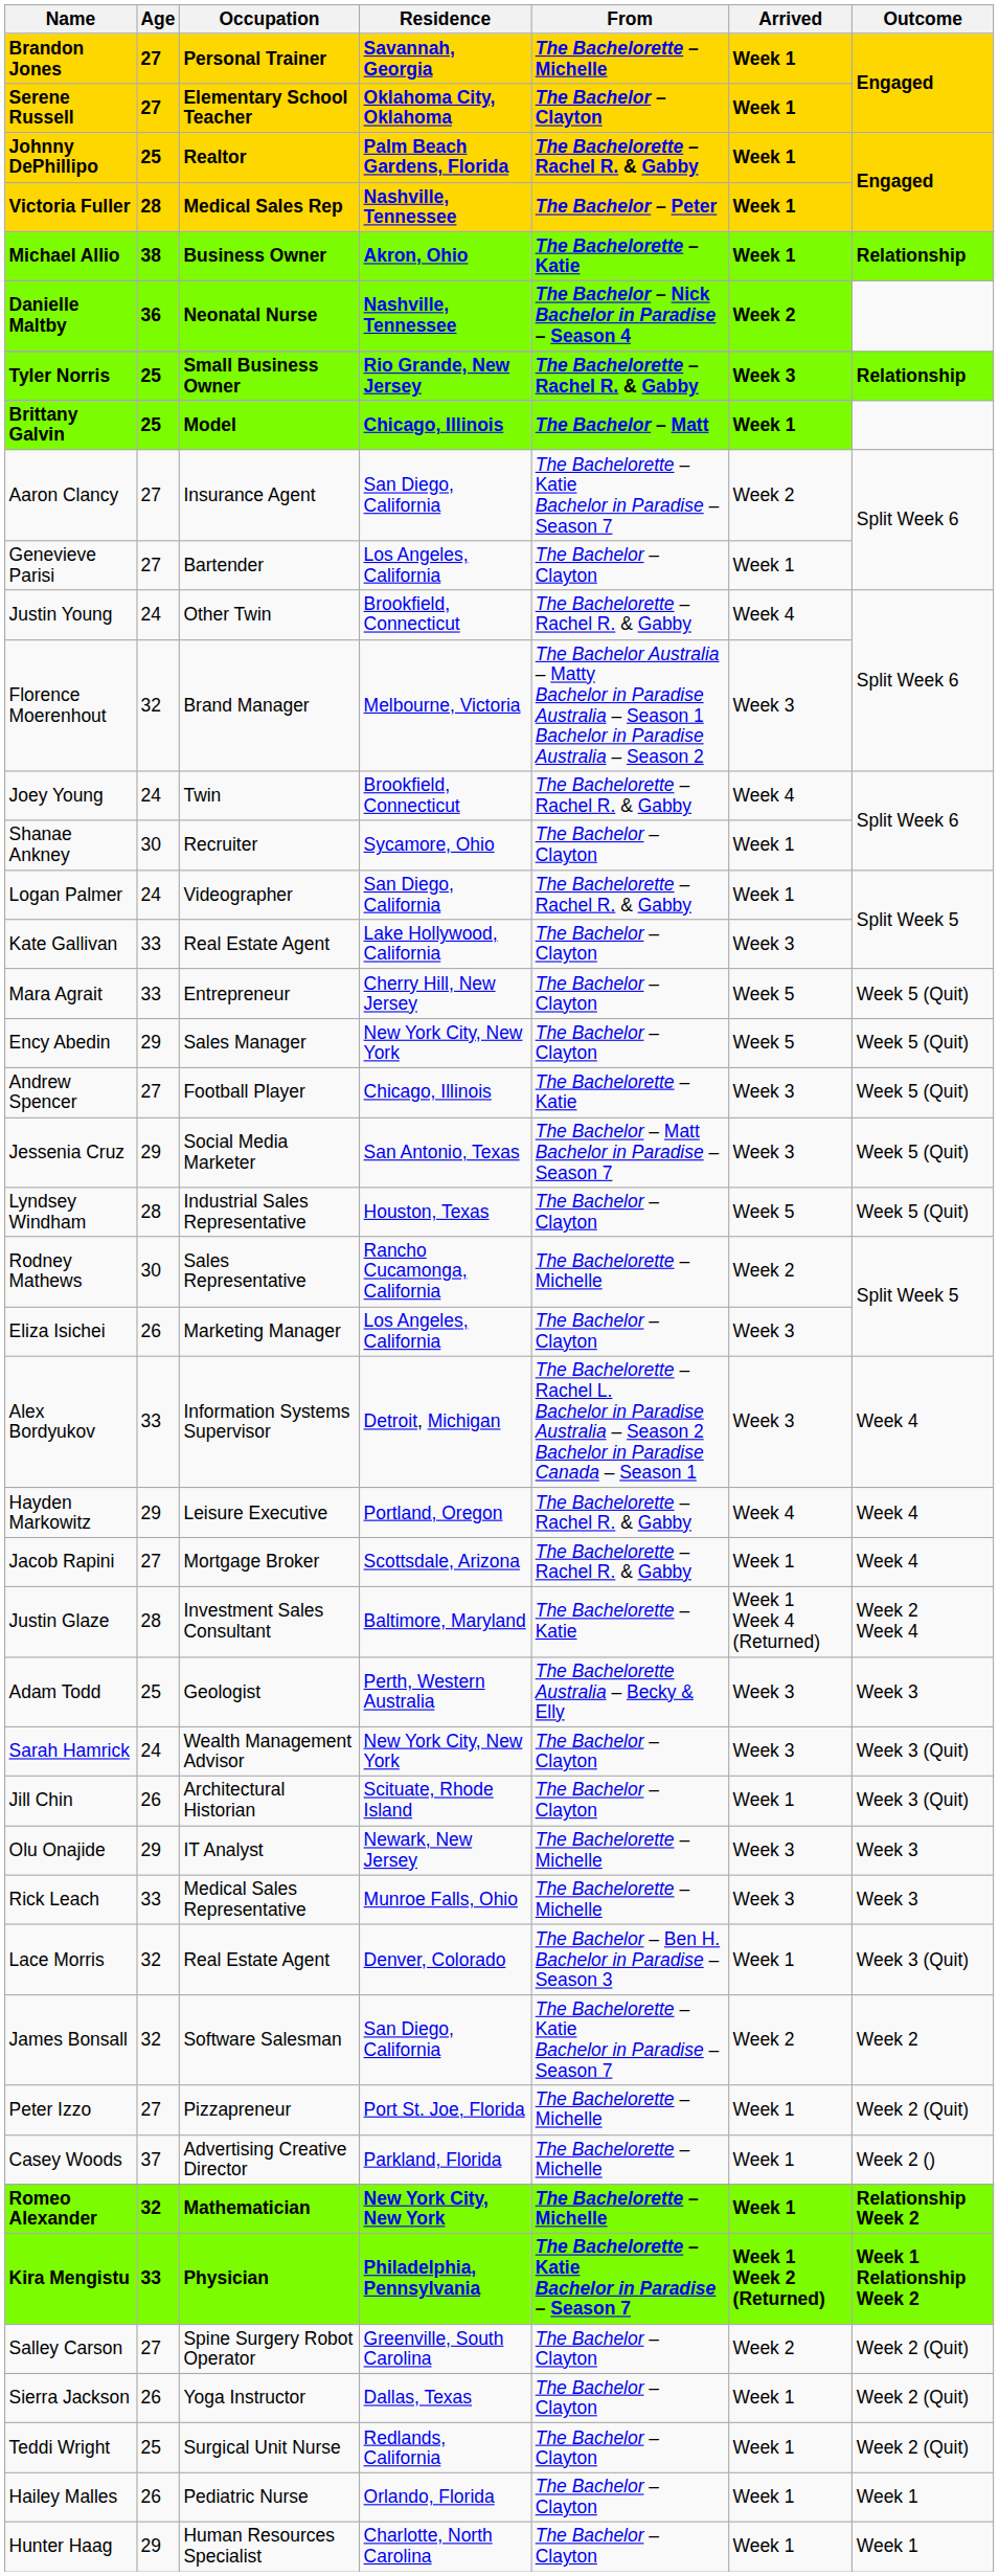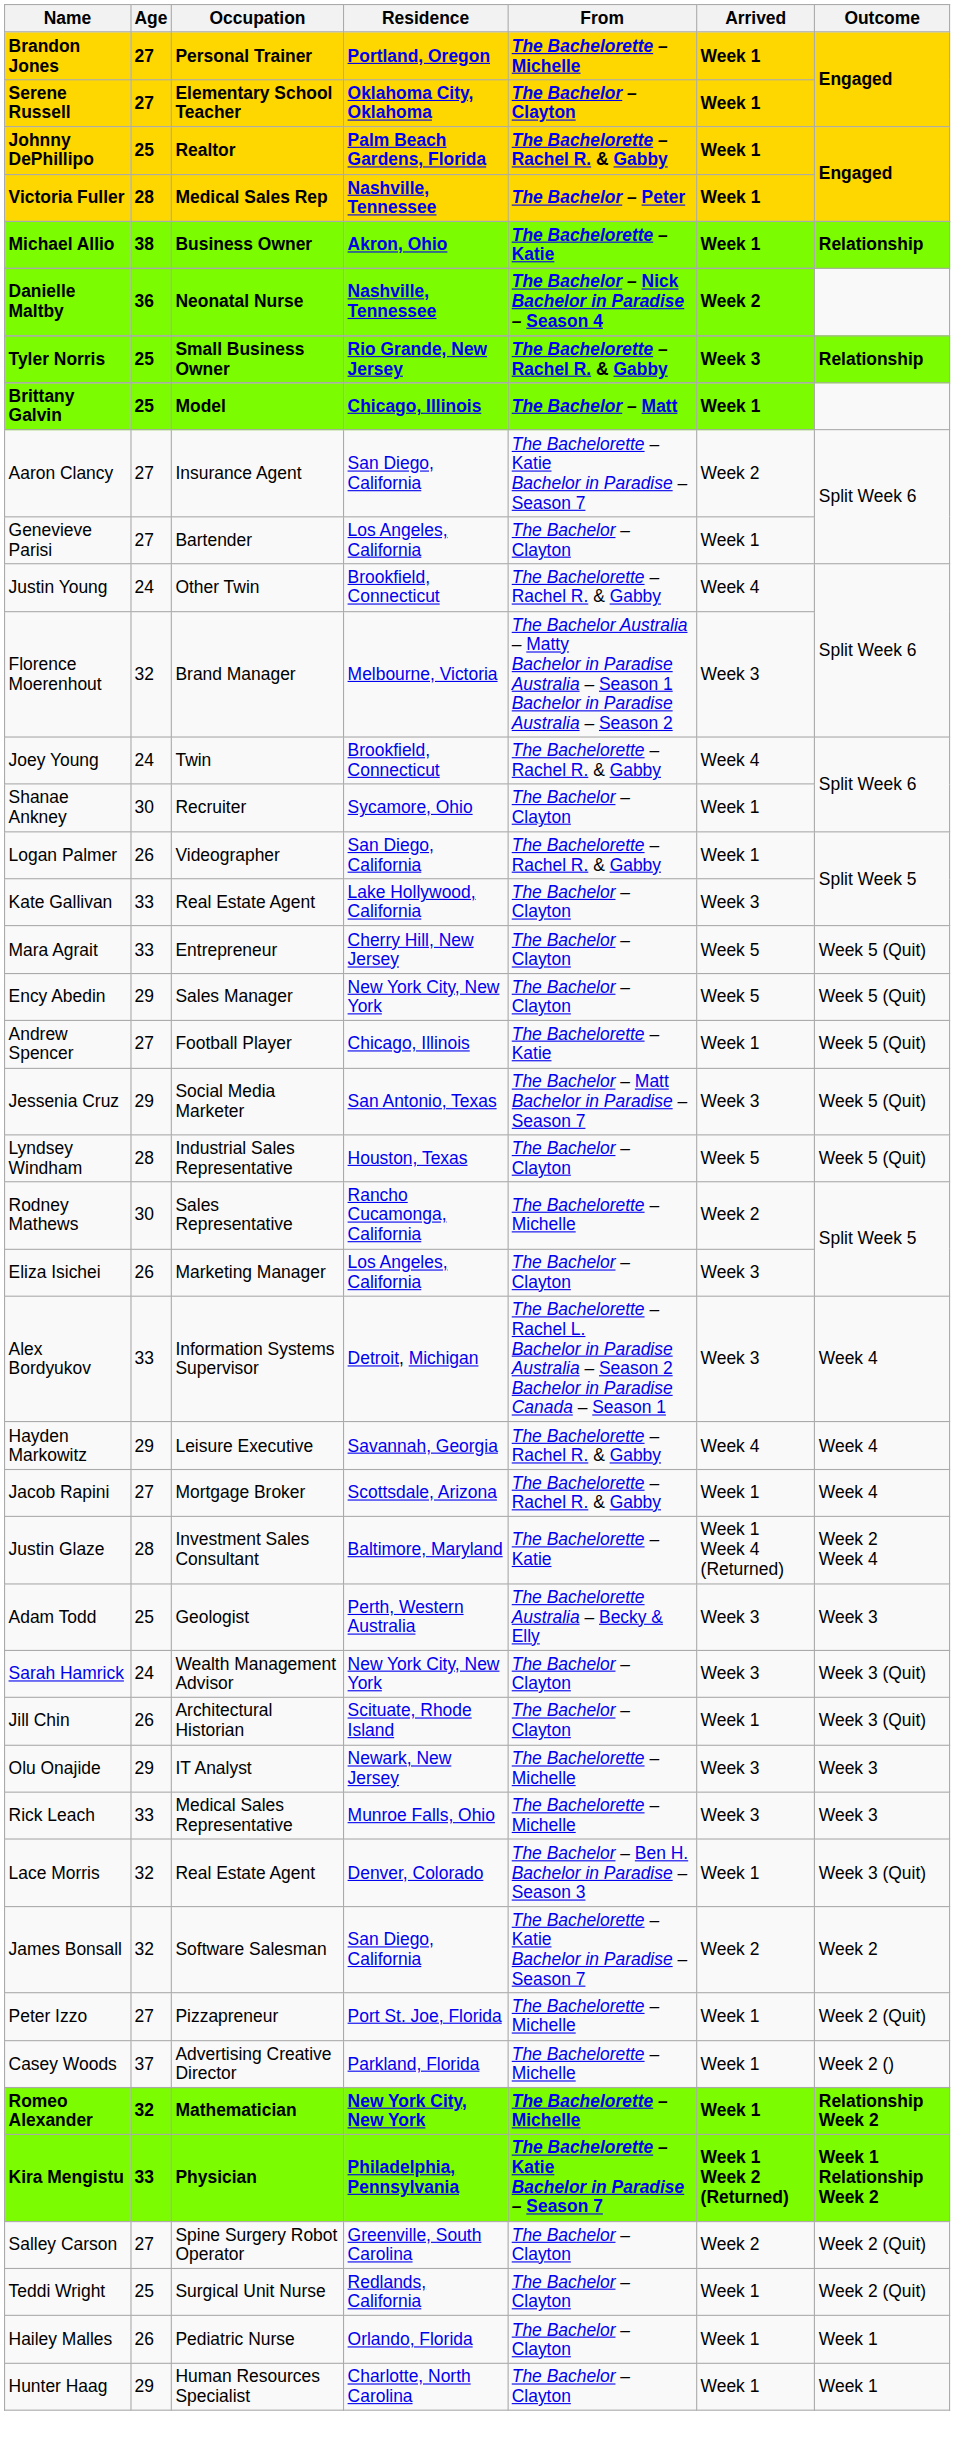 <table class="wikitable sortable" style="text-align:left;">
 <tr>
 <th>Name</th>
 <th>Age</th>
 <th>Occupation</th>
 <th>Residence</th>
 <th>From</th>
 <th>Arrived</th>
 <th>Outcome</th>
 </tr>
 <tr style="font-weight:bold;background:gold;">
 <td>Brandon Jones</td>
 <td>27</td>
 <td>Personal Trainer</td>
-<td><a href='#'>Savannah, Georgia</a></td>
+<td><a href='#'>Portland, Oregon</a></td>
 <td><em><a href='#'>The Bachelorette</a> –</em> <a href='#'>Michelle</a></td>
 <td>Week 1</td>
 <td rowspan="2">Engaged</td>
 </tr>
 <tr style="font-weight:bold;background:gold;">
 <td align="left">Serene Russell</td>
 <td>27</td>
 <td>Elementary School Teacher</td>
 <td><a href='#'>Oklahoma City, Oklahoma</a></td>
 <td><em><a href='#'>The Bachelor</a>  –</em> <a href='#'>Clayton</a></td>
 <td>Week 1</td>
 </tr>
 <tr style="font-weight:bold;background:gold;">
 <td>Johnny DePhillipo</td>
 <td>25</td>
 <td>Realtor</td>
 <td><a href='#'>Palm Beach Gardens, Florida</a></td>
 <td><em><a href='#'>The Bachelorette</a> –</em> <a href='#'>Rachel R.</a> & <a href='#'>Gabby</a></td>
 <td>Week 1</td>
 <td rowspan="2">Engaged</td>
 </tr>
 <tr style="font-weight:bold;background:gold;">
 <td>Victoria Fuller</td>
 <td>28</td>
 <td>Medical Sales Rep</td>
 <td><a href='#'>Nashville, Tennessee</a></td>
 <td><em><a href='#'>The Bachelor</a>  –</em> <a href='#'>Peter</a></td>
 <td>Week 1</td>
 </tr>
 <tr>
 </tr>
 <tr style="font-weight:bold;background:#7CFC00;">
 <td>Michael Allio</td>
 <td>38</td>
 <td>Business Owner</td>
 <td><a href='#'>Akron, Ohio</a></td>
 <td><em><a href='#'>The Bachelorette</a> –</em> <a href='#'>Katie</a></td>
 <td>Week 1</td>
 <td rowspan="2">Relationship</td>
 </tr>
 <tr>
 </tr>
 <tr style="font-weight:bold;background:#7CFC00;">
 <td>Danielle Maltby</td>
 <td>36</td>
 <td>Neonatal Nurse</td>
 <td><a href='#'>Nashville, Tennessee</a></td>
 <td><em><a href='#'>The Bachelor</a>  –</em> <a href='#'>Nick</a><br><em><a href='#'>Bachelor in Paradise</a></em> <em>–</em> <a href='#'>Season 4</a></td>
 <td>Week 2</td>
 </tr>
 <tr>
 </tr>
 <tr style="font-weight:bold;background:#7CFC00;">
 <td>Tyler Norris</td>
 <td>25</td>
 <td>Small Business Owner</td>
 <td><a href='#'>Rio Grande, New Jersey</a></td>
 <td><em><a href='#'>The Bachelorette</a> –</em> <a href='#'>Rachel R.</a> & <a href='#'>Gabby</a></td>
 <td>Week 3</td>
 <td rowspan="2">Relationship</td>
 </tr>
 <tr>
 </tr>
 <tr style="font-weight:bold;background:#7CFC00;">
 <td>Brittany Galvin</td>
 <td>25</td>
 <td>Model</td>
 <td><a href='#'>Chicago, Illinois</a></td>
 <td><em><a href='#'>The Bachelor</a>  –</em> <a href='#'>Matt</a></td>
 <td>Week 1</td>
 </tr>
 <tr>
 <td>Aaron Clancy</td>
 <td>27</td>
 <td>Insurance Agent</td>
 <td><a href='#'>San Diego, California</a></td>
 <td><em><a href='#'>The Bachelorette</a> –</em> <a href='#'>Katie</a><br><em><a href='#'>Bachelor in Paradise</a></em> <em>–</em> <a href='#'>Season 7</a></td>
 <td>Week 2</td>
 <td rowspan="2">Split Week 6</td>
 </tr>
 <tr>
 <td>Genevieve Parisi</td>
 <td>27</td>
 <td>Bartender</td>
 <td><a href='#'>Los Angeles, California</a></td>
 <td><em><a href='#'>The Bachelor</a>  –</em> <a href='#'>Clayton</a></td>
 <td>Week 1</td>
 </tr>
 <tr>
 <td>Justin Young</td>
 <td>24</td>
 <td>Other Twin</td>
 <td><a href='#'>Brookfield, Connecticut</a></td>
 <td><em><a href='#'>The Bachelorette</a> –</em> <a href='#'>Rachel R.</a> & <a href='#'>Gabby</a></td>
 <td>Week 4</td>
 <td rowspan="2">Split Week 6</td>
 </tr>
 <tr>
 <td>Florence Moerenhout</td>
 <td>32</td>
 <td>Brand Manager</td>
 <td><a href='#'>Melbourne, Victoria</a></td>
 <td><em><a href='#'>The Bachelor Australia</a> –</em> <a href='#'>Matty</a><br><em><a href='#'>Bachelor in Paradise Australia</a> –</em> <a href='#'>Season 1</a><br><em><a href='#'>Bachelor in Paradise Australia</a> –</em> <a href='#'>Season 2</a></td>
 <td>Week 3</td>
 </tr>
 <tr>
 <td>Joey Young</td>
 <td>24</td>
 <td>Twin</td>
 <td><a href='#'>Brookfield, Connecticut</a></td>
 <td><em><a href='#'>The Bachelorette</a> –</em> <a href='#'>Rachel R.</a> & <a href='#'>Gabby</a></td>
 <td>Week 4</td>
 <td rowspan="2">Split Week 6</td>
 </tr>
 <tr>
 <td>Shanae Ankney</td>
 <td>30</td>
 <td>Recruiter</td>
 <td><a href='#'>Sycamore, Ohio</a></td>
 <td><em><a href='#'>The Bachelor</a>  –</em> <a href='#'>Clayton</a></td>
 <td>Week 1</td>
 </tr>
 <tr>
 <td>Logan Palmer</td>
-<td>24</td>
+<td>26</td>
 <td>Videographer</td>
 <td><a href='#'>San Diego, California</a></td>
 <td><em><a href='#'>The Bachelorette</a> –</em> <a href='#'>Rachel R.</a> & <a href='#'>Gabby</a></td>
 <td>Week 1</td>
 <td rowspan="2">Split Week 5</td>
 </tr>
 <tr>
 <td>Kate Gallivan</td>
 <td>33</td>
 <td>Real Estate Agent</td>
 <td><a href='#'>Lake Hollywood, California</a></td>
 <td><em><a href='#'>The Bachelor</a>  –</em> <a href='#'>Clayton</a></td>
 <td>Week 3</td>
 </tr>
 <tr>
 <td>Mara Agrait</td>
 <td>33</td>
 <td>Entrepreneur</td>
 <td><a href='#'>Cherry Hill, New Jersey</a></td>
 <td><em><a href='#'>The Bachelor</a>  –</em> <a href='#'>Clayton</a></td>
 <td>Week 5</td>
 <td>Week 5 (Quit)</td>
 </tr>
 <tr>
 <td>Ency Abedin</td>
 <td>29</td>
 <td>Sales Manager</td>
 <td><a href='#'>New York City, New York</a></td>
 <td><em><a href='#'>The Bachelor</a>  –</em> <a href='#'>Clayton</a></td>
 <td>Week 5</td>
 <td>Week 5 (Quit)</td>
 </tr>
 <tr>
 <td>Andrew Spencer</td>
 <td>27</td>
 <td>Football Player</td>
 <td><a href='#'>Chicago, Illinois</a></td>
 <td><em><a href='#'>The Bachelorette</a> –</em> <a href='#'>Katie</a></td>
-<td>Week 3</td>
+<td>Week 1</td>
 <td>Week 5 (Quit)</td>
 </tr>
 <tr>
 <td>Jessenia Cruz</td>
 <td>29</td>
 <td>Social Media Marketer</td>
 <td><a href='#'>San Antonio, Texas</a></td>
 <td><em><a href='#'>The Bachelor</a>  –</em> <a href='#'>Matt</a><br><em><a href='#'>Bachelor in Paradise</a></em> <em>–</em> <a href='#'>Season 7</a></td>
 <td>Week 3</td>
 <td>Week 5 (Quit)</td>
 </tr>
 <tr>
 <td>Lyndsey Windham</td>
 <td>28</td>
 <td>Industrial Sales Representative</td>
 <td><a href='#'>Houston, Texas</a></td>
 <td><em><a href='#'>The Bachelor</a>  –</em> <a href='#'>Clayton</a></td>
 <td>Week 5</td>
 <td>Week 5 (Quit)</td>
 </tr>
 <tr>
 <td>Rodney Mathews</td>
 <td>30</td>
 <td>Sales Representative</td>
 <td><a href='#'>Rancho Cucamonga, California</a></td>
 <td><em><a href='#'>The Bachelorette</a> –</em> <a href='#'>Michelle</a></td>
 <td>Week 2</td>
 <td rowspan="2">Split Week 5</td>
 </tr>
 <tr>
 <td>Eliza Isichei</td>
 <td>26</td>
 <td>Marketing Manager</td>
 <td><a href='#'>Los Angeles, California</a></td>
 <td><em><a href='#'>The Bachelor</a>  –</em> <a href='#'>Clayton</a></td>
 <td>Week 3</td>
 </tr>
 <tr>
 <td>Alex Bordyukov</td>
 <td>33</td>
 <td>Information Systems Supervisor</td>
 <td><a href='#'>Detroit</a>, <a href='#'>Michigan</a></td>
 <td><em><a href='#'>The Bachelorette</a> –</em> <a href='#'>Rachel L.</a><br><em><a href='#'>Bachelor in Paradise Australia</a> –</em> <a href='#'>Season 2</a><br><em><a href='#'>Bachelor in Paradise Canada</a></em> – <a href='#'>Season 1</a></td>
 <td>Week 3</td>
 <td>Week 4</td>
 </tr>
 <tr>
 <td>Hayden Markowitz</td>
 <td>29</td>
 <td>Leisure Executive</td>
-<td><a href='#'>Portland, Oregon</a></td>
+<td><a href='#'>Savannah, Georgia</a></td>
 <td><em><a href='#'>The Bachelorette</a> –</em> <a href='#'>Rachel R.</a> & <a href='#'>Gabby</a></td>
 <td>Week 4</td>
 <td>Week 4</td>
 </tr>
 <tr>
 <td>Jacob Rapini</td>
 <td>27</td>
 <td>Mortgage Broker</td>
 <td><a href='#'>Scottsdale, Arizona</a></td>
 <td><em><a href='#'>The Bachelorette</a> –</em> <a href='#'>Rachel R.</a> & <a href='#'>Gabby</a></td>
 <td>Week 1</td>
 <td>Week 4</td>
 </tr>
 <tr>
 <td>Justin Glaze</td>
 <td>28</td>
 <td>Investment Sales Consultant</td>
 <td><a href='#'>Baltimore, Maryland</a></td>
 <td><em><a href='#'>The Bachelorette</a> –</em> <a href='#'>Katie</a></td>
 <td>Week 1<br>Week 4 (Returned)</td>
 <td>Week 2<br>Week 4</td>
 </tr>
 <tr>
 <td>Adam Todd</td>
 <td>25</td>
 <td>Geologist</td>
 <td><a href='#'>Perth, Western Australia</a></td>
 <td><a href='#'><em>The Bachelorette Australia</em></a> <em>–</em> <a href='#'>Becky & Elly</a></td>
 <td>Week 3</td>
 <td>Week 3</td>
 </tr>
 <tr>
 <td><a href='#'>Sarah Hamrick</a></td>
 <td>24</td>
 <td>Wealth Management Advisor</td>
 <td><a href='#'>New York City, New York</a></td>
 <td><em><a href='#'>The Bachelor</a>  –</em> <a href='#'>Clayton</a></td>
 <td>Week 3</td>
 <td>Week 3 (Quit)</td>
 </tr>
 <tr>
 <td>Jill Chin</td>
 <td>26</td>
 <td>Architectural Historian</td>
 <td><a href='#'>Scituate, Rhode Island</a></td>
 <td><em><a href='#'>The Bachelor</a>  –</em> <a href='#'>Clayton</a></td>
 <td>Week 1</td>
 <td>Week 3 (Quit)</td>
 </tr>
 <tr>
 <td>Olu Onajide</td>
 <td>29</td>
 <td>IT Analyst</td>
 <td><a href='#'>Newark, New Jersey</a></td>
 <td><em><a href='#'>The Bachelorette</a> –</em> <a href='#'>Michelle</a></td>
 <td>Week 3</td>
 <td>Week 3</td>
 </tr>
 <tr>
 <td>Rick Leach</td>
 <td>33</td>
 <td>Medical Sales Representative</td>
 <td><a href='#'>Munroe Falls, Ohio</a></td>
 <td><em><a href='#'>The Bachelorette</a> –</em> <a href='#'>Michelle</a></td>
 <td>Week 3</td>
 <td>Week 3</td>
 </tr>
 <tr>
 <td>Lace Morris</td>
 <td>32</td>
 <td>Real Estate Agent</td>
 <td><a href='#'>Denver, Colorado</a></td>
 <td><em><a href='#'>The Bachelor</a>  –</em> <a href='#'>Ben H.</a><br><em><a href='#'>Bachelor in Paradise</a></em> <em>–</em> <a href='#'>Season 3</a></td>
 <td>Week 1</td>
 <td>Week 3 (Quit)</td>
 </tr>
 <tr>
 <td>James Bonsall</td>
 <td>32</td>
 <td>Software Salesman</td>
 <td><a href='#'>San Diego, California</a></td>
 <td><em><a href='#'>The Bachelorette</a> –</em> <a href='#'>Katie</a><br><em><a href='#'>Bachelor in Paradise</a></em> <em>–</em> <a href='#'>Season 7</a></td>
 <td>Week 2</td>
 <td>Week 2</td>
 </tr>
 <tr>
 <td>Peter Izzo</td>
 <td>27</td>
 <td>Pizzapreneur</td>
 <td><a href='#'>Port St. Joe, Florida</a></td>
 <td><em><a href='#'>The Bachelorette</a> –</em> <a href='#'>Michelle</a></td>
 <td>Week 1</td>
 <td>Week 2 (Quit)</td>
 </tr>
 <tr>
 <td>Casey Woods</td>
 <td>37</td>
 <td>Advertising Creative Director</td>
 <td><a href='#'>Parkland, Florida</a></td>
 <td><em><a href='#'>The Bachelorette</a> –</em> <a href='#'>Michelle</a></td>
 <td>Week 1</td>
 <td>Week 2 ()</td>
 </tr>
 <tr>
 </tr>
 <tr style="font-weight:bold;background:#7CFC00;">
 <td>Romeo Alexander</td>
 <td>32</td>
 <td>Mathematician</td>
 <td><a href='#'>New York City, New York</a></td>
 <td><em><a href='#'>The Bachelorette</a> –</em> <a href='#'>Michelle</a></td>
 <td>Week 1</td>
 <td>Relationship Week 2</td>
 </tr>
 <tr style="font-weight:bold;background:#7CFC00;">
 <td>Kira Mengistu</td>
 <td>33</td>
 <td>Physician</td>
 <td><a href='#'>Philadelphia, Pennsylvania</a></td>
 <td><em><a href='#'>The Bachelorette</a> –</em> <a href='#'>Katie</a><br><em><a href='#'>Bachelor in Paradise</a></em> <em>–</em> <a href='#'>Season 7</a></td>
 <td>Week 1<br>Week 2 (Returned)</td>
 <td>Week 1<br>Relationship Week 2</td>
 </tr>
 <tr>
 <td>Salley Carson</td>
 <td>27</td>
 <td>Spine Surgery Robot Operator</td>
 <td><a href='#'>Greenville, South Carolina</a></td>
 <td><em><a href='#'>The Bachelor</a>  –</em> <a href='#'>Clayton</a></td>
 <td>Week 2</td>
 <td>Week 2 (Quit)</td>
 </tr>
 <tr>
-<td>Sierra Jackson</td>
-<td>26</td>
-<td>Yoga Instructor</td>
-<td><a href='#'>Dallas, Texas</a></td>
-<td><em><a href='#'>The Bachelor</a>  –</em> <a href='#'>Clayton</a></td>
-<td>Week 1</td>
-<td>Week 2 (Quit)</td>
-</tr>
-<tr>
 <td>Teddi Wright</td>
 <td>25</td>
 <td>Surgical Unit Nurse</td>
 <td><a href='#'>Redlands, California</a></td>
 <td><em><a href='#'>The Bachelor</a>  –</em> <a href='#'>Clayton</a></td>
 <td>Week 1</td>
 <td>Week 2 (Quit)</td>
 </tr>
 <tr>
 <td>Hailey Malles</td>
 <td>26</td>
 <td>Pediatric Nurse</td>
 <td><a href='#'>Orlando, Florida</a></td>
 <td><em><a href='#'>The Bachelor</a>  –</em> <a href='#'>Clayton</a></td>
 <td>Week 1</td>
 <td>Week 1</td>
 </tr>
 <tr>
 <td>Hunter Haag</td>
 <td>29</td>
 <td>Human Resources Specialist</td>
 <td><a href='#'>Charlotte, North Carolina</a></td>
 <td><em><a href='#'>The Bachelor</a>  –</em> <a href='#'>Clayton</a></td>
 <td>Week 1</td>
 <td>Week 1</td>
 </tr>
 </table>
